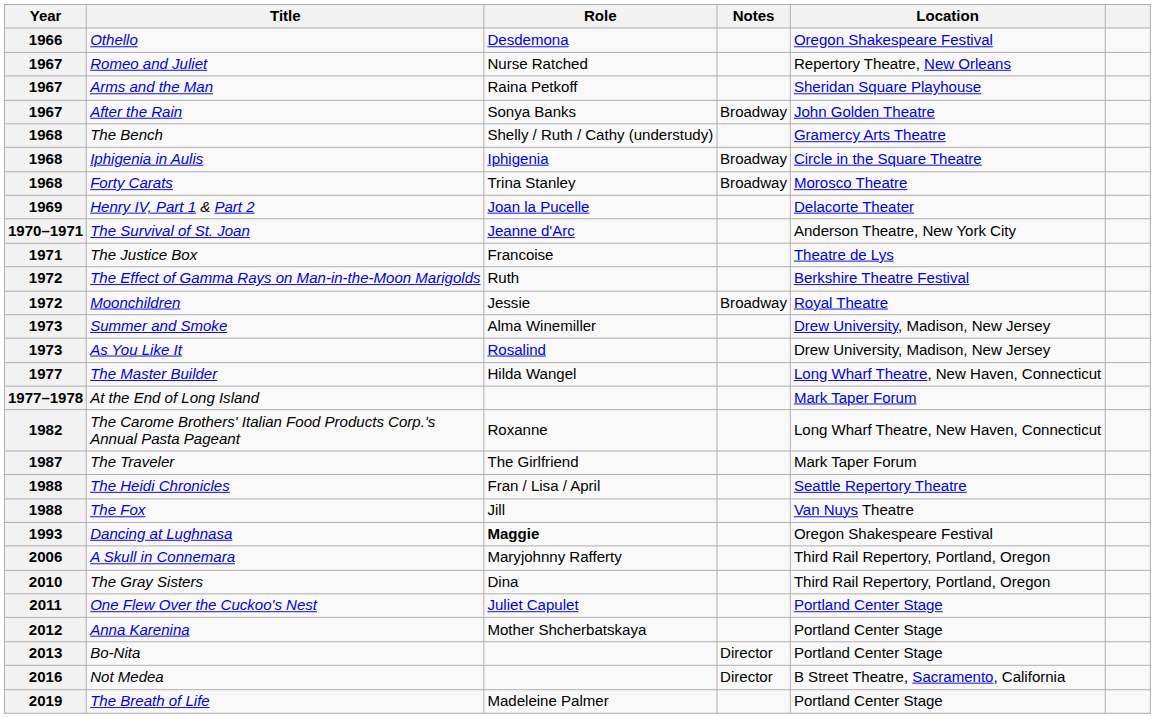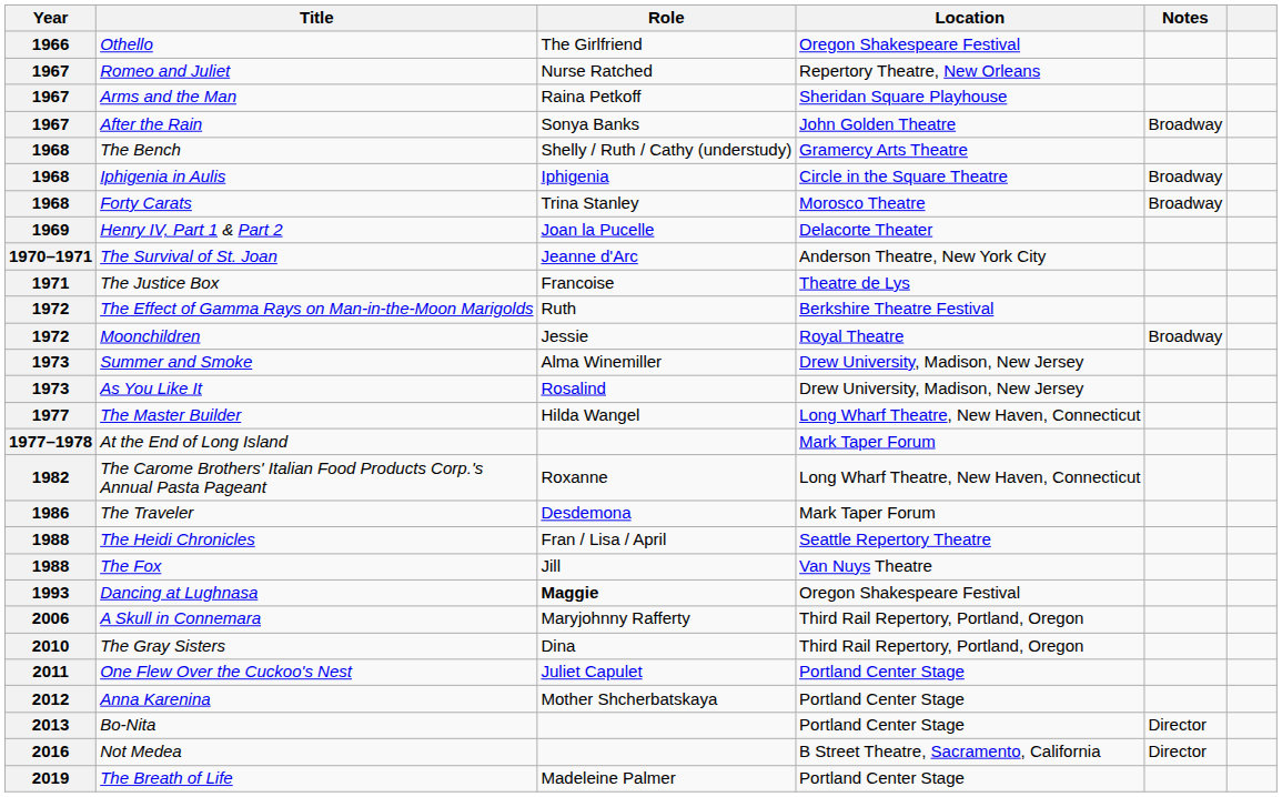 <table class="wikitable sortable plainrowheaders" style="min-width:30em">
 <tr>
 <th>Year</th>
 <th>Title</th>
 <th>Role</th>
+<th>Location</th>
 <th>Notes</th>
-<th>Location</th>
 <th class="unsortable" width="4%"></th>
 </tr>
 <tr>
 <th scope="row">1966</th>
 <td><em><a href='#'>Othello</a></em></td>
-<td><a href='#'>Desdemona</a></td>
+<td>The Girlfriend</td>
+<td><a href='#'>Oregon Shakespeare Festival</a></td>
 <td></td>
-<td><a href='#'>Oregon Shakespeare Festival</a></td>
 <td style="text-align:center;"></td>
 </tr>
 <tr>
 <th scope="row">1967</th>
 <td><em><a href='#'>Romeo and Juliet</a></em></td>
 <td>Nurse Ratched</td>
+<td>Repertory Theatre, <a href='#'>New Orleans</a></td>
 <td></td>
-<td>Repertory Theatre, <a href='#'>New Orleans</a></td>
 <td style="text-align:center;"></td>
 </tr>
 <tr>
 <th scope="row">1967</th>
 <td><em><a href='#'>Arms and the Man</a></em></td>
 <td>Raina Petkoff</td>
+<td><a href='#'>Sheridan Square Playhouse</a></td>
 <td></td>
-<td><a href='#'>Sheridan Square Playhouse</a></td>
 <td style="text-align:center;"></td>
 </tr>
 <tr>
 <th scope="row">1967</th>
 <td><em><a href='#'>After the Rain</a></em></td>
 <td>Sonya Banks</td>
+<td><a href='#'>John Golden Theatre</a></td>
 <td>Broadway</td>
-<td><a href='#'>John Golden Theatre</a></td>
 <td style="text-align:center;"></td>
 </tr>
 <tr>
 <th scope="row">1968</th>
 <td data-sort-value="Bench"><em>The Bench</em></td>
 <td>Shelly / Ruth / Cathy (understudy)</td>
+<td><a href='#'>Gramercy Arts Theatre</a></td>
 <td></td>
-<td><a href='#'>Gramercy Arts Theatre</a></td>
 <td style="text-align:center;"></td>
 </tr>
 <tr>
 <th scope="row">1968</th>
 <td><em><a href='#'>Iphigenia in Aulis</a></em></td>
 <td><a href='#'>Iphigenia</a></td>
+<td><a href='#'>Circle in the Square Theatre</a></td>
 <td>Broadway</td>
-<td><a href='#'>Circle in the Square Theatre</a></td>
 <td style="text-align:center;"></td>
 </tr>
 <tr>
 <th scope="row">1968</th>
 <td><em><a href='#'>Forty Carats</a></em></td>
 <td>Trina Stanley</td>
+<td><a href='#'>Morosco Theatre</a></td>
 <td>Broadway</td>
-<td><a href='#'>Morosco Theatre</a></td>
 <td style="text-align:center;"></td>
 </tr>
 <tr>
 <th scope="row">1969</th>
 <td><em><a href='#'>Henry IV, Part 1</a> & <a href='#'>Part 2</a></em></td>
 <td><a href='#'>Joan la Pucelle</a></td>
+<td><a href='#'>Delacorte Theater</a></td>
 <td></td>
-<td><a href='#'>Delacorte Theater</a></td>
 <td style="text-align:center;"></td>
 </tr>
 <tr>
 <th scope="row">1970–1971</th>
 <td data-sort-value="Survival Saint Joan"><em><a href='#'>The Survival of St. Joan</a></em></td>
 <td><a href='#'>Jeanne d'Arc</a></td>
+<td>Anderson Theatre, New York City</td>
 <td></td>
-<td>Anderson Theatre, New York City</td>
 <td style="text-align:center;"></td>
 </tr>
 <tr>
 <th scope="row">1971</th>
 <td data-sort-value="Justice Box"><em>The Justice Box</em></td>
 <td>Francoise</td>
+<td><a href='#'>Theatre de Lys</a></td>
 <td></td>
-<td><a href='#'>Theatre de Lys</a></td>
 <td style="text-align:center;"></td>
 </tr>
 <tr>
 <th scope="row">1972</th>
 <td data-sort-value="Effects of Gamma Rays"><em><a href='#'>The Effect of Gamma Rays on Man-in-the-Moon Marigolds</a></em></td>
 <td>Ruth</td>
+<td><a href='#'>Berkshire Theatre Festival</a></td>
 <td></td>
-<td><a href='#'>Berkshire Theatre Festival</a></td>
 <td style="text-align:center;"></td>
 </tr>
 <tr>
 <th scope="row">1972</th>
 <td><em><a href='#'>Moonchildren</a></em></td>
 <td>Jessie</td>
+<td><a href='#'>Royal Theatre</a></td>
 <td>Broadway</td>
-<td><a href='#'>Royal Theatre</a></td>
 <td style="text-align:center;"></td>
 </tr>
 <tr>
 <th scope="row">1973</th>
 <td><em><a href='#'>Summer and Smoke</a></em></td>
 <td>Alma Winemiller</td>
+<td><a href='#'>Drew University</a>, Madison, New Jersey</td>
 <td></td>
-<td><a href='#'>Drew University</a>, Madison, New Jersey</td>
 <td style="text-align:center;"></td>
 </tr>
 <tr>
 <th scope="row">1973</th>
 <td><em><a href='#'>As You Like It</a></em></td>
 <td><a href='#'>Rosalind</a></td>
+<td>Drew University, Madison, New Jersey</td>
 <td></td>
-<td>Drew University, Madison, New Jersey</td>
 <td style="text-align:center;"></td>
 </tr>
 <tr>
 <th scope="row">1977</th>
 <td data-sort-value="Master Builder"><em><a href='#'>The Master Builder</a></em></td>
 <td>Hilda Wangel</td>
+<td><a href='#'>Long Wharf Theatre</a>, New Haven, Connecticut</td>
 <td></td>
-<td><a href='#'>Long Wharf Theatre</a>, New Haven, Connecticut</td>
 <td style="text-align:center;"></td>
 </tr>
 <tr>
 <th scope="row">1977–1978</th>
 <td><em>At the End of Long Island</em></td>
 <td></td>
+<td><a href='#'>Mark Taper Forum</a></td>
 <td></td>
-<td><a href='#'>Mark Taper Forum</a></td>
 <td style="text-align:center;"></td>
 </tr>
 <tr>
 <th scope="row">1982</th>
 <td data-sort-value="Carome Brothers"><em>The Carome Brothers' Italian Food Products Corp.'s<br> Annual Pasta Pageant</em></td>
 <td>Roxanne</td>
+<td>Long Wharf Theatre, New Haven, Connecticut</td>
 <td></td>
-<td>Long Wharf Theatre, New Haven, Connecticut</td>
 <td style="text-align:center;"></td>
 </tr>
 <tr>
-<th scope="row">1987</th>
+<th scope="row">1986</th>
 <td data-sort-value="Traveler"><em>The Traveler</em></td>
-<td>The Girlfriend</td>
+<td><a href='#'>Desdemona</a></td>
+<td>Mark Taper Forum</td>
 <td></td>
-<td>Mark Taper Forum</td>
 <td style="text-align:center;"></td>
 </tr>
 <tr>
 <th scope="row">1988</th>
 <td data-sort-value="Heidi Chronicles"><em><a href='#'>The Heidi Chronicles</a></em></td>
 <td>Fran / Lisa / April</td>
+<td><a href='#'>Seattle Repertory Theatre</a></td>
 <td></td>
-<td><a href='#'>Seattle Repertory Theatre</a></td>
 <td style="text-align:center;'"></td>
 </tr>
 <tr>
 <th scope="row">1988</th>
 <td data-sort-value="Fox"><em><a href='#'>The Fox</a></em></td>
 <td>Jill</td>
+<td><a href='#'>Van Nuys</a> Theatre</td>
 <td></td>
-<td><a href='#'>Van Nuys</a> Theatre</td>
 <td style="text-align:center;"></td>
 </tr>
 <tr>
 <th scope="row">1993</th>
 <td><em><a href='#'>Dancing at Lughnasa</a></em></td>
 <td><strong>Maggie</strong></td>
+<td>Oregon Shakespeare Festival</td>
 <td></td>
-<td>Oregon Shakespeare Festival</td>
 <td style="text-align:center;"></td>
 </tr>
 <tr>
 <th scope="row">2006</th>
 <td data-sort-value="Skull Connemara"><em><a href='#'>A Skull in Connemara</a></em></td>
 <td>Maryjohnny Rafferty</td>
+<td>Third Rail Repertory, Portland, Oregon</td>
 <td></td>
-<td>Third Rail Repertory, Portland, Oregon</td>
 <td style="text-align:center;"></td>
 </tr>
 <tr>
 <th scope="row">2010</th>
 <td data-sort-value="Gray Sisters"><em>The Gray Sisters</em></td>
 <td>Dina</td>
+<td>Third Rail Repertory, Portland, Oregon</td>
 <td></td>
-<td>Third Rail Repertory, Portland, Oregon</td>
 <td style="text-align:center;'"></td>
 </tr>
 <tr>
 <th scope="row">2011</th>
 <td><em><a href='#'>One Flew Over the Cuckoo's Nest</a></em></td>
 <td><a href='#'>Juliet Capulet</a></td>
+<td><a href='#'>Portland Center Stage</a></td>
 <td></td>
-<td><a href='#'>Portland Center Stage</a></td>
 <td style="text-align:center;"></td>
 </tr>
 <tr>
 <th scope="row">2012</th>
 <td><em><a href='#'>Anna Karenina</a></em></td>
 <td>Mother Shcherbatskaya</td>
+<td>Portland Center Stage</td>
 <td></td>
-<td>Portland Center Stage</td>
 <td style="text-align:center;"></td>
 </tr>
 <tr>
 <th scope="row">2013</th>
 <td><em>Bo-Nita</em></td>
 <td></td>
+<td>Portland Center Stage</td>
 <td>Director</td>
-<td>Portland Center Stage</td>
 <td style="text-align:center;"></td>
 </tr>
 <tr>
 <th scope="row">2016</th>
 <td><em>Not Medea</em></td>
 <td></td>
+<td>B Street Theatre, <a href='#'>Sacramento</a>, California</td>
 <td>Director</td>
-<td>B Street Theatre, <a href='#'>Sacramento</a>, California</td>
 <td style="text-align:center;"></td>
 </tr>
 <tr>
 <th scope="row">2019</th>
 <td data-sort-value="Breath Life"><em><a href='#'>The Breath of Life</a></em></td>
 <td>Madeleine Palmer</td>
+<td>Portland Center Stage</td>
 <td></td>
-<td>Portland Center Stage</td>
 <td style="text-align:center;"></td>
 </tr>
 </table>
